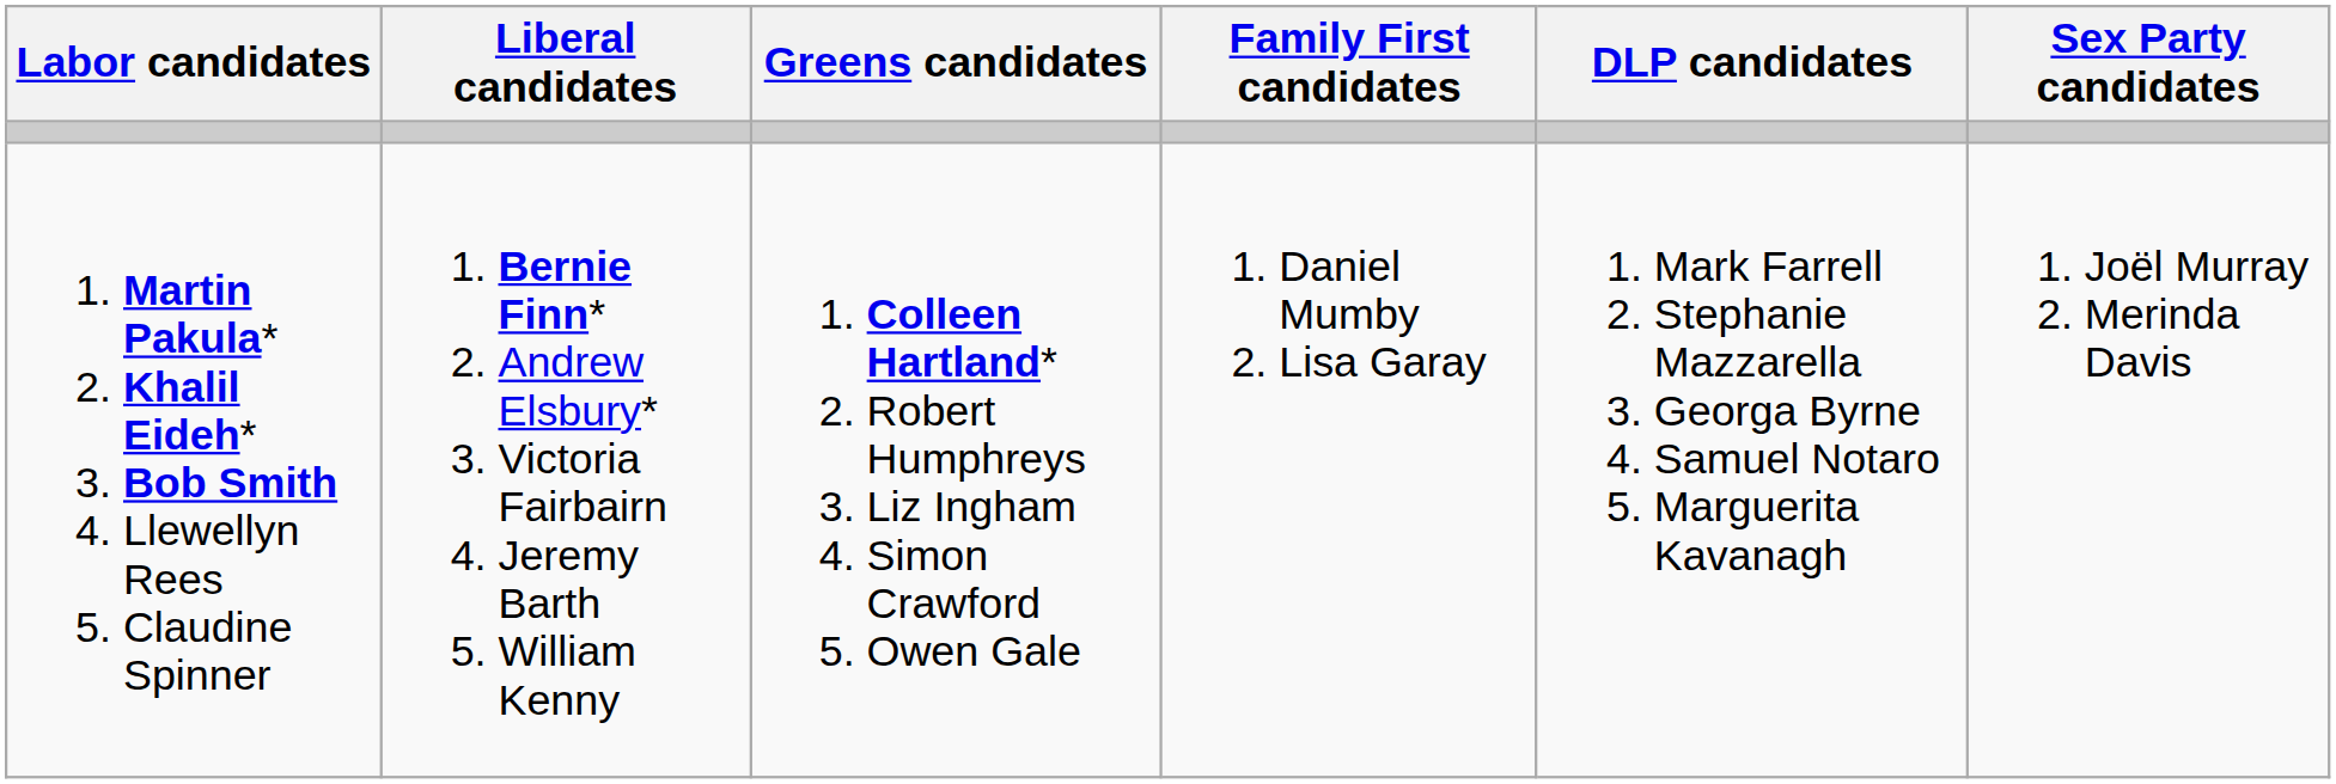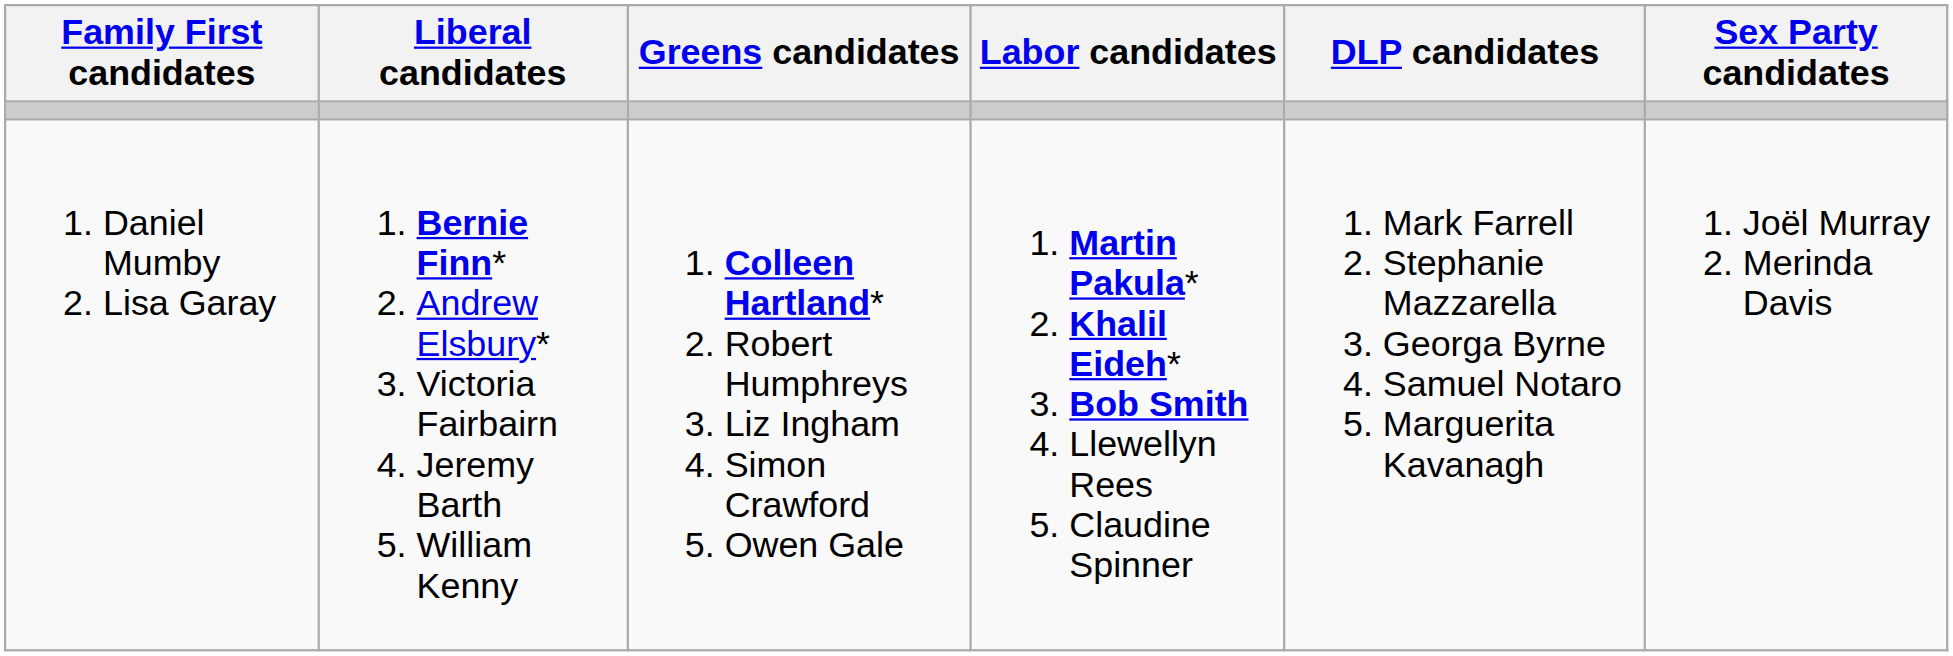 <table class="wikitable">
 <tr>
-<th><a href='#'>Labor</a> candidates</th>
+<th><a href='#'>Family First</a> candidates</th>
 <th><a href='#'>Liberal</a> candidates</th>
 <th><a href='#'>Greens</a> candidates</th>
-<th><a href='#'>Family First</a> candidates</th>
+<th><a href='#'>Labor</a> candidates</th>
 <th><a href='#'>DLP</a> candidates</th>
 <th><a href='#'>Sex Party</a> candidates</th>
 </tr>
 <tr bgcolor="#cccccc">
 <td></td>
 <td></td>
 <td></td>
 <td></td>
 <td></td>
 <td></td>
 </tr>
 <tr>
-<td><br><ol><li><strong><a href='#'>Martin Pakula</a></strong>*</li><li><strong><a href='#'>Khalil Eideh</a></strong>*</li><li><strong><a href='#'>Bob Smith</a></strong></li><li>Llewellyn Rees</li><li>Claudine Spinner</li></ol></td>
+<td valign=top><br><ol><li>Daniel Mumby</li><li>Lisa Garay</li></ol></td>
 <td><br><ol><li><strong><a href='#'>Bernie Finn</a></strong>*</li><li><a href='#'>Andrew Elsbury</a>*</li><li>Victoria Fairbairn</li><li>Jeremy Barth</li><li>William Kenny</li></ol></td>
 <td><br><ol><li><strong><a href='#'>Colleen Hartland</a></strong>*</li><li>Robert Humphreys</li><li>Liz Ingham</li><li>Simon Crawford</li><li>Owen Gale</li></ol></td>
-<td valign=top><br><ol><li>Daniel Mumby</li><li>Lisa Garay</li></ol></td>
+<td><br><ol><li><strong><a href='#'>Martin Pakula</a></strong>*</li><li><strong><a href='#'>Khalil Eideh</a></strong>*</li><li><strong><a href='#'>Bob Smith</a></strong></li><li>Llewellyn Rees</li><li>Claudine Spinner</li></ol></td>
 <td valign=top><br><ol><li>Mark Farrell</li><li>Stephanie Mazzarella</li><li>Georga Byrne</li><li>Samuel Notaro</li><li>Marguerita Kavanagh</li></ol></td>
 <td valign=top><br><ol><li>Joël Murray</li><li>Merinda Davis</li></ol></td>
 </tr>
 </table>
